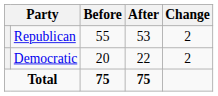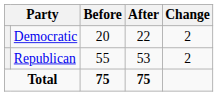 <table class="wikitable" style="text-align:center;">
 <tr>
 <th colspan="2">Party</th>
 <th>Before</th>
 <th>After</th>
 <th>Change</th>
 </tr>
 <tr>
 <th style="background-color:"></th>
-<td style="text-align:left;"><a href='#'>Republican</a></td>
-<td>55</td>
-<td>53</td>
+<td style="text-align:left;"><a href='#'>Democratic</a></td>
+<td>20</td>
+<td>22</td>
 <td> 2</td>
 </tr>
 <tr>
 <th style="background-color:"></th>
-<td style="text-align:left;"><a href='#'>Democratic</a></td>
-<td>20</td>
-<td>22</td>
+<td style="text-align:left;"><a href='#'>Republican</a></td>
+<td>55</td>
+<td>53</td>
 <td> 2</td>
 </tr>
 <tr>
 <td colspan="2"><strong>Total</strong></td>
 <td><strong>75</strong></td>
 <td><strong>75</strong></td>
 <td></td>
 </tr>
 </table>
